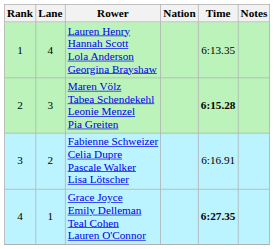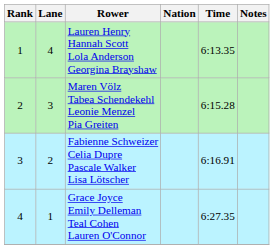 <table class="wikitable sortable" style="text-align:center">
 <tr>
 <th>Rank</th>
 <th>Lane</th>
 <th>Rower</th>
 <th>Nation</th>
 <th>Time</th>
 <th>Notes</th>
 </tr>
 <tr bgcolor=bbf3bb>
 <td>1</td>
 <td>4</td>
 <td align=left><a href='#'>Lauren Henry</a><br><a href='#'>Hannah Scott</a><br><a href='#'>Lola Anderson</a><br><a href='#'>Georgina Brayshaw</a></td>
 <td align=left></td>
 <td>6:13.35</td>
 <td></td>
 </tr>
 <tr bgcolor=bbf3bb>
 <td>2</td>
 <td>3</td>
 <td align=left><a href='#'>Maren Völz</a><br><a href='#'>Tabea Schendekehl</a><br><a href='#'>Leonie Menzel</a><br><a href='#'>Pia Greiten</a></td>
 <td align=left></td>
-<td><strong>6:15.28</strong></td>
+<td>6:15.28</td>
 <td></td>
 </tr>
 <tr bgcolor=bbf3ff>
 <td>3</td>
 <td>2</td>
 <td align=left><a href='#'>Fabienne Schweizer</a><br><a href='#'>Celia Dupre</a><br><a href='#'>Pascale Walker</a><br><a href='#'>Lisa Lötscher</a></td>
 <td align=left></td>
 <td>6:16.91</td>
 <td></td>
 </tr>
 <tr bgcolor=bbf3ff>
 <td>4</td>
 <td>1</td>
 <td align=left><a href='#'>Grace Joyce</a><br><a href='#'>Emily Delleman</a><br><a href='#'>Teal Cohen</a><br><a href='#'>Lauren O'Connor</a></td>
 <td align=left></td>
-<td><strong>6:27.35</strong></td>
+<td>6:27.35</td>
 <td></td>
 </tr>
 <tr bgcolor=bbf3ff>
 </tr>
 </table>
